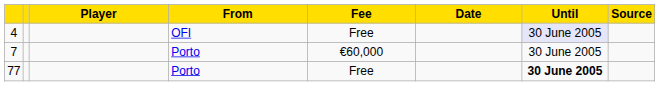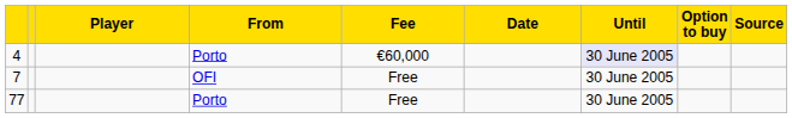 <table class="wikitable sortable">
 <tr>
 <th style="background:#FFDE00"></th>
 <th style="background:#FFDE00"></th>
 <th width=200 style="background:#FFDE00">Player</th>
 <th width=200 style="background:#FFDE00">From</th>
 <th width=150 style="background:#FFDE00">Fee</th>
 <th width=150 style="background:#FFDE00">Date</th>
 <th width=120 style="background:#FFDE00">Until</th>
+<th style="background:#FFDE00">Option to buy</th>
 <th style="background:#FFDE00">Source</th>
 </tr>
 <tr>
 <td align=center>4</td>
 <td align=center></td>
 <td></td>
-<td> <a href='#'>OFI</a></td>
-<td align=center>Free</td>
+<td> <a href='#'>Porto</a></td>
+<td align=center>€60,000</td>
 <td align=center></td>
 <td align=center style="background: lavender;">30 June 2005</td>
+<td align=center></td>
 <td align=center></td>
 </tr>
 <tr>
 <td align=center>7</td>
 <td align=center></td>
 <td></td>
-<td> <a href='#'>Porto</a></td>
-<td align=center>€60,000</td>
+<td> <a href='#'>OFI</a></td>
+<td align=center>Free</td>
 <td align=center></td>
 <td align=center>30 June 2005</td>
+<td align=center></td>
 <td align=center></td>
 </tr>
 <tr>
 <td align=center>77</td>
 <td align=center></td>
 <td></td>
 <td> <a href='#'>Porto</a></td>
 <td align=center>Free</td>
 <td align=center></td>
-<td align=center><strong>30 June 2005</strong></td>
+<td align=center>30 June 2005</td>
+<td align=center></td>
 <td align=center></td>
 </tr>
 </table>
